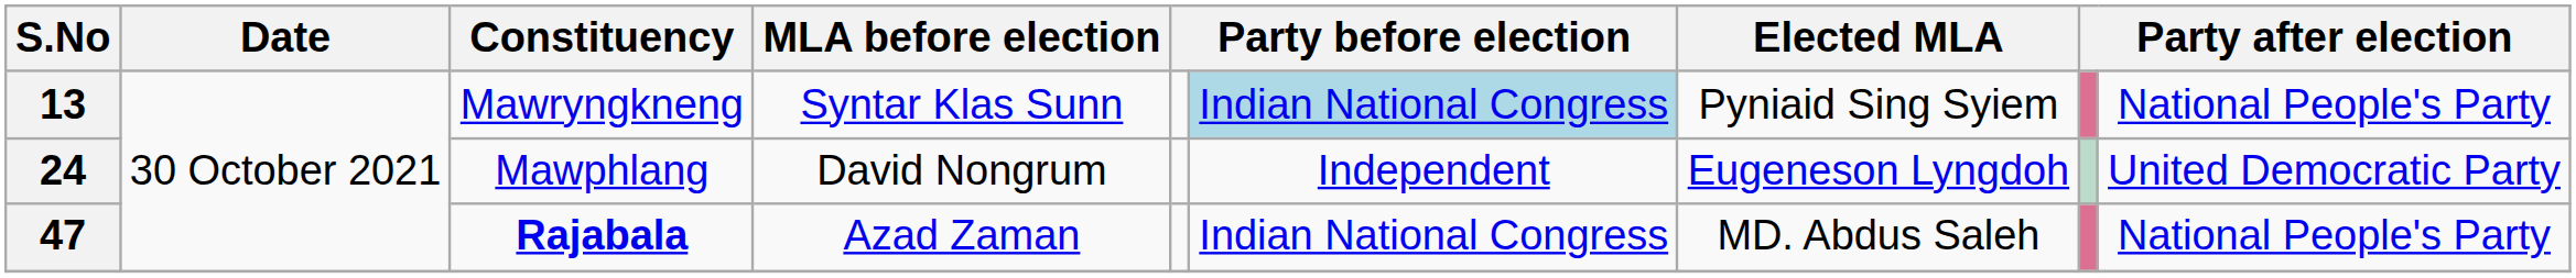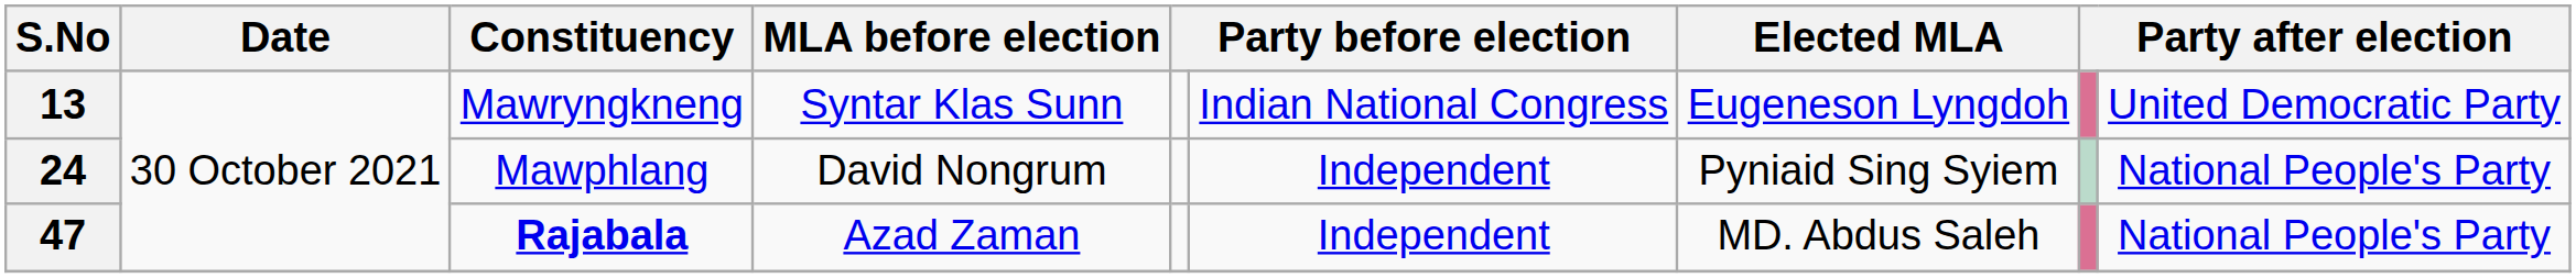 <table class="wikitable sortable" style="text-align:center;">
 <tr>
 <th>S.No</th>
 <th>Date</th>
 <th>Constituency</th>
 <th>MLA before election</th>
 <th colspan="2">Party before election</th>
 <th>Elected MLA</th>
 <th colspan="2">Party after election</th>
 </tr>
 <tr>
 <th>13</th>
 <td rowspan="3">30 October 2021</td>
 <td><a href='#'>Mawryngkneng</a></td>
 <td><a href='#'>Syntar Klas Sunn</a></td>
 <td></td>
-<td style="background: lightblue;"><a href='#'>Indian National Congress</a></td>
-<td>Pyniaid Sing Syiem</td>
+<td><a href='#'>Indian National Congress</a></td>
+<td><a href='#'>Eugeneson Lyngdoh</a></td>
 <td bgcolor=#DB7093></td>
-<td><a href='#'>National People's Party</a></td>
+<td><a href='#'>United Democratic Party</a></td>
 </tr>
 <tr>
 <th>24</th>
 <td><a href='#'>Mawphlang</a></td>
 <td>David Nongrum</td>
 <td></td>
 <td><a href='#'>Independent</a></td>
-<td><a href='#'>Eugeneson Lyngdoh</a></td>
+<td>Pyniaid Sing Syiem</td>
 <td bgcolor=#BBDBCB></td>
-<td><a href='#'>United Democratic Party</a></td>
+<td><a href='#'>National People's Party</a></td>
 </tr>
 <tr>
 <th>47</th>
 <td><strong><a href='#'>Rajabala</a></strong></td>
 <td><a href='#'>Azad Zaman</a></td>
 <td></td>
-<td><a href='#'>Indian National Congress</a></td>
+<td><a href='#'>Independent</a></td>
 <td>MD. Abdus Saleh</td>
 <td bgcolor=#DB7093></td>
 <td><a href='#'>National People's Party</a></td>
 </tr>
 <tr>
 </tr>
 </table>
